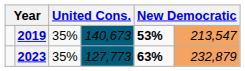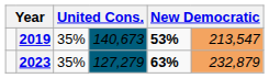 <table class="wikitable" style="float:right; width:400; font-size:90%; margin-left:1em;">
 <tr>
 <th colspan="2" scope="col">Year</th>
 <th colspan="2" scope="col"><a href='#'>United Cons.</a></th>
 <th colspan="2" scope="col"><a href='#'>New Democratic</a></th>
 </tr>
 <tr>
 <td style="width: 0.25em; background-color: "></td>
 <th><a href='#'>2019</a></th>
 <td><span>35%</span></td>
 <td style="text-align:right; background:#005D7C;"><span><em>140,673</em></span></td>
 <td><strong>53%</strong></td>
 <td style="text-align:right; background:#F4A460;"><em>213,547</em></td>
 </tr>
 <tr>
 <td style="width: 0.25em; background-color: "></td>
 <th><a href='#'>2023</a></th>
 <td><span>35%</span></td>
-<td style="text-align:right; background:#005D7C;"><span><em>127,773</em></span></td>
+<td style="text-align:right; background:#005D7C;"><span><em>127,279</em></span></td>
 <td><strong>63%</strong></td>
 <td style="text-align:right; background:#F4A460;"><em>232,879</em></td>
 </tr>
 </table>
